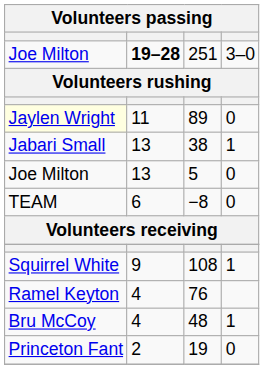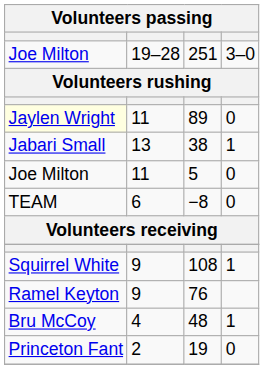 <table class="wikitable plainrowheaders">
 <tr>
 <th colspan="6">Volunteers passing</th>
 </tr>
 <tr>
 <th scope="col"></th>
 <th scope="col"></th>
 <th scope="col"></th>
 <th scope="col"></th>
 </tr>
 <tr>
 <td><a href='#'>Joe Milton</a></td>
-<td><strong>19–28</strong></td>
+<td>19–28</td>
 <td>251</td>
 <td>3–0</td>
 </tr>
 <tr>
 <th colspan="6">Volunteers rushing</th>
 </tr>
 <tr>
 <th scope="col"></th>
 <th scope="col"></th>
 <th scope="col"></th>
 <th scope="col"></th>
 </tr>
 <tr>
 <td style="background: lightyellow;"><a href='#'>Jaylen Wright</a></td>
 <td>11</td>
 <td>89</td>
 <td>0</td>
 </tr>
 <tr>
 <td><a href='#'>Jabari Small</a></td>
 <td>13</td>
 <td>38</td>
 <td>1</td>
 </tr>
 <tr>
 <td>Joe Milton</td>
-<td>13</td>
+<td>11</td>
 <td>5</td>
 <td>0</td>
 </tr>
 <tr>
 <td>TEAM</td>
 <td>6</td>
 <td>−8</td>
 <td>0</td>
 </tr>
 <tr>
 <th colspan="6">Volunteers receiving</th>
 </tr>
 <tr>
 </tr>
 <tr>
 <th scope="col"></th>
 <th scope="col"></th>
 <th scope="col"></th>
 <th scope="col"></th>
 </tr>
 <tr>
 <td><a href='#'>Squirrel White</a></td>
 <td>9</td>
 <td>108</td>
 <td>1</td>
 </tr>
 <tr>
 <td><a href='#'>Ramel Keyton</a></td>
-<td>4</td>
+<td>9</td>
 <td>76</td>
 </tr>
 <tr>
 <td><a href='#'>Bru McCoy</a></td>
 <td>4</td>
 <td>48</td>
 <td>1</td>
 </tr>
 <tr>
 <td><a href='#'>Princeton Fant</a></td>
 <td>2</td>
 <td>19</td>
 <td>0</td>
 </tr>
 <tr>
 </tr>
 </table>
